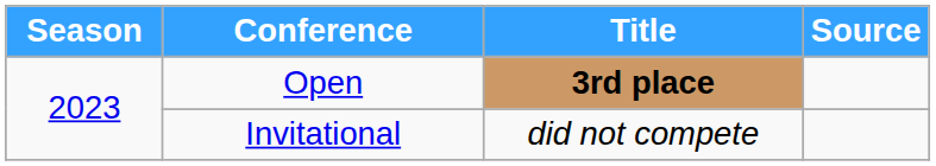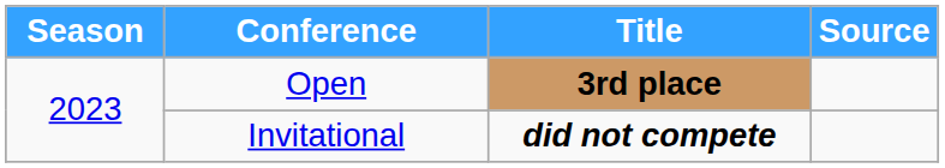 <table class="wikitable">
 <tr>
 <th width=70px style="background: #33A2FF; color: #FFFFFF; text-align: center">Season</th>
 <th width=150px style="background: #33A2FF; color: #FFFFFF">Conference</th>
 <th width=150px style="background: #33A2FF; color: #FFFFFF">Title</th>
 <th width=50px style="background: #33A2FF; color: #FFFFFF; text-align: center">Source</th>
 </tr>
 <tr align=center>
 <td rowspan=2><a href='#'>2023</a></td>
 <td><a href='#'>Open</a></td>
 <td style="background:#CC9966;"><strong>3rd place</strong></td>
 <td></td>
 </tr>
 <tr align=center>
 <td><a href='#'>Invitational</a></td>
-<td><em>did not compete</em></td>
+<td><strong><em>did not compete</em></strong></td>
 <td></td>
 </tr>
 </table>
